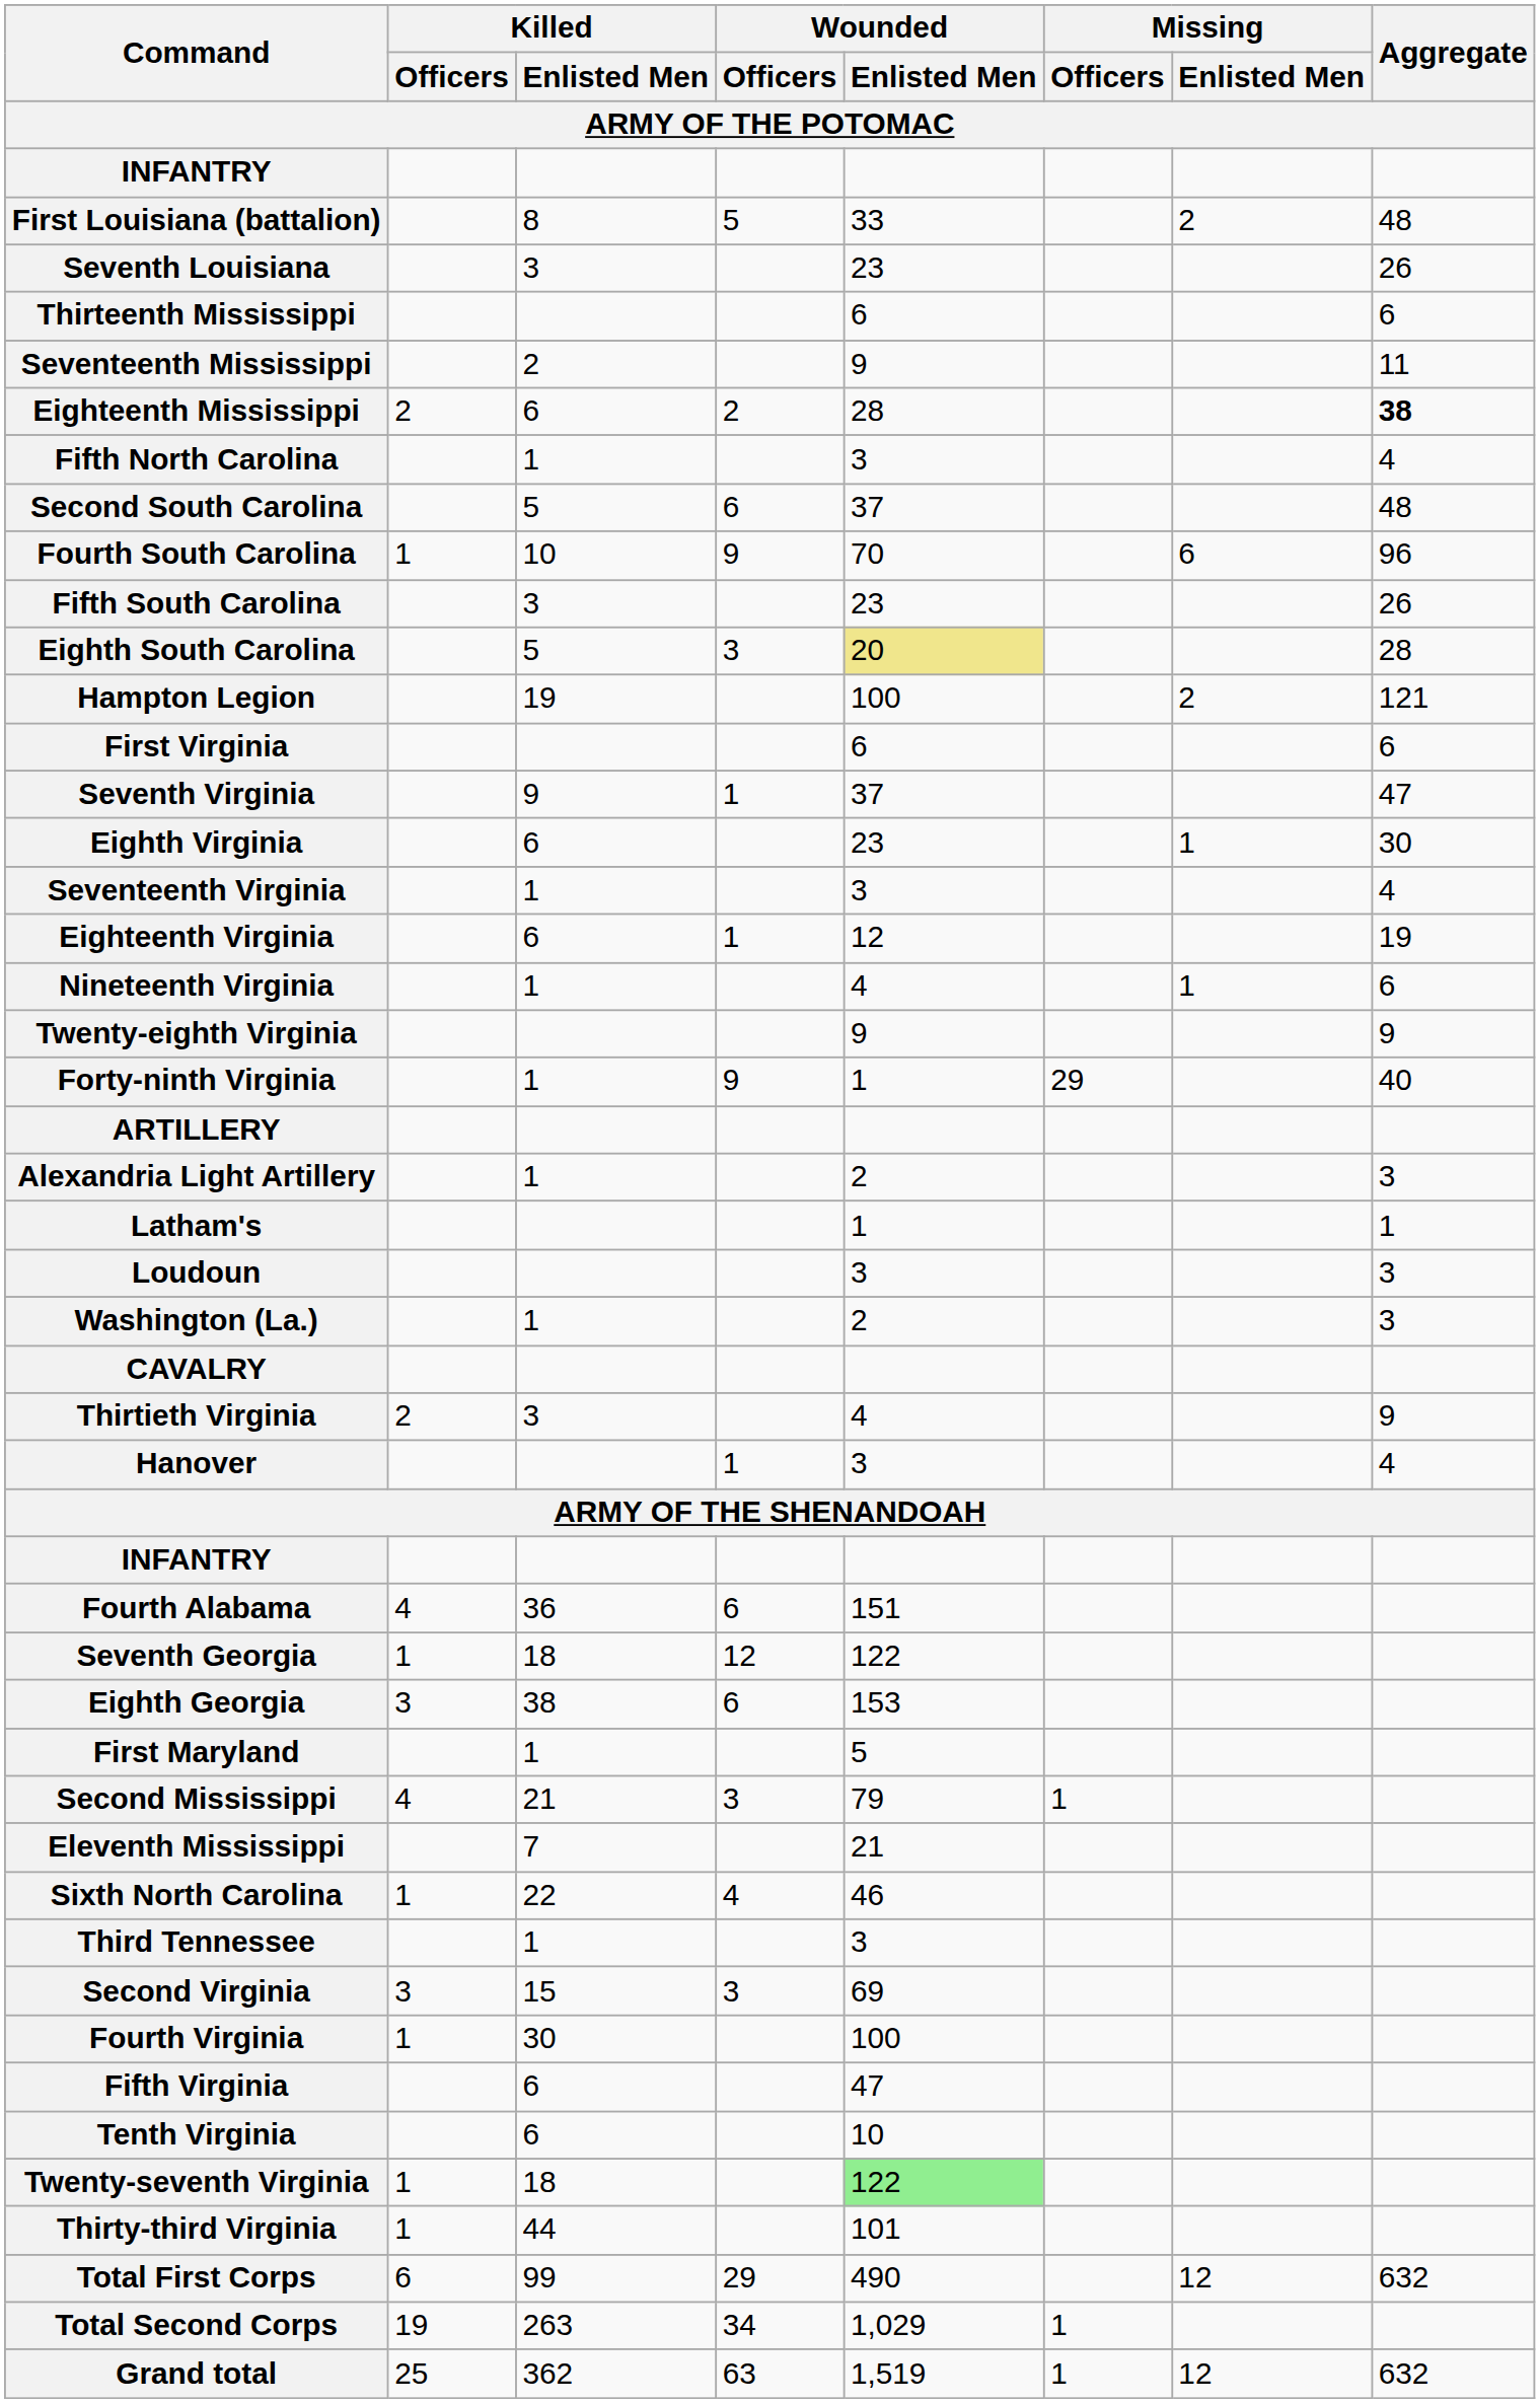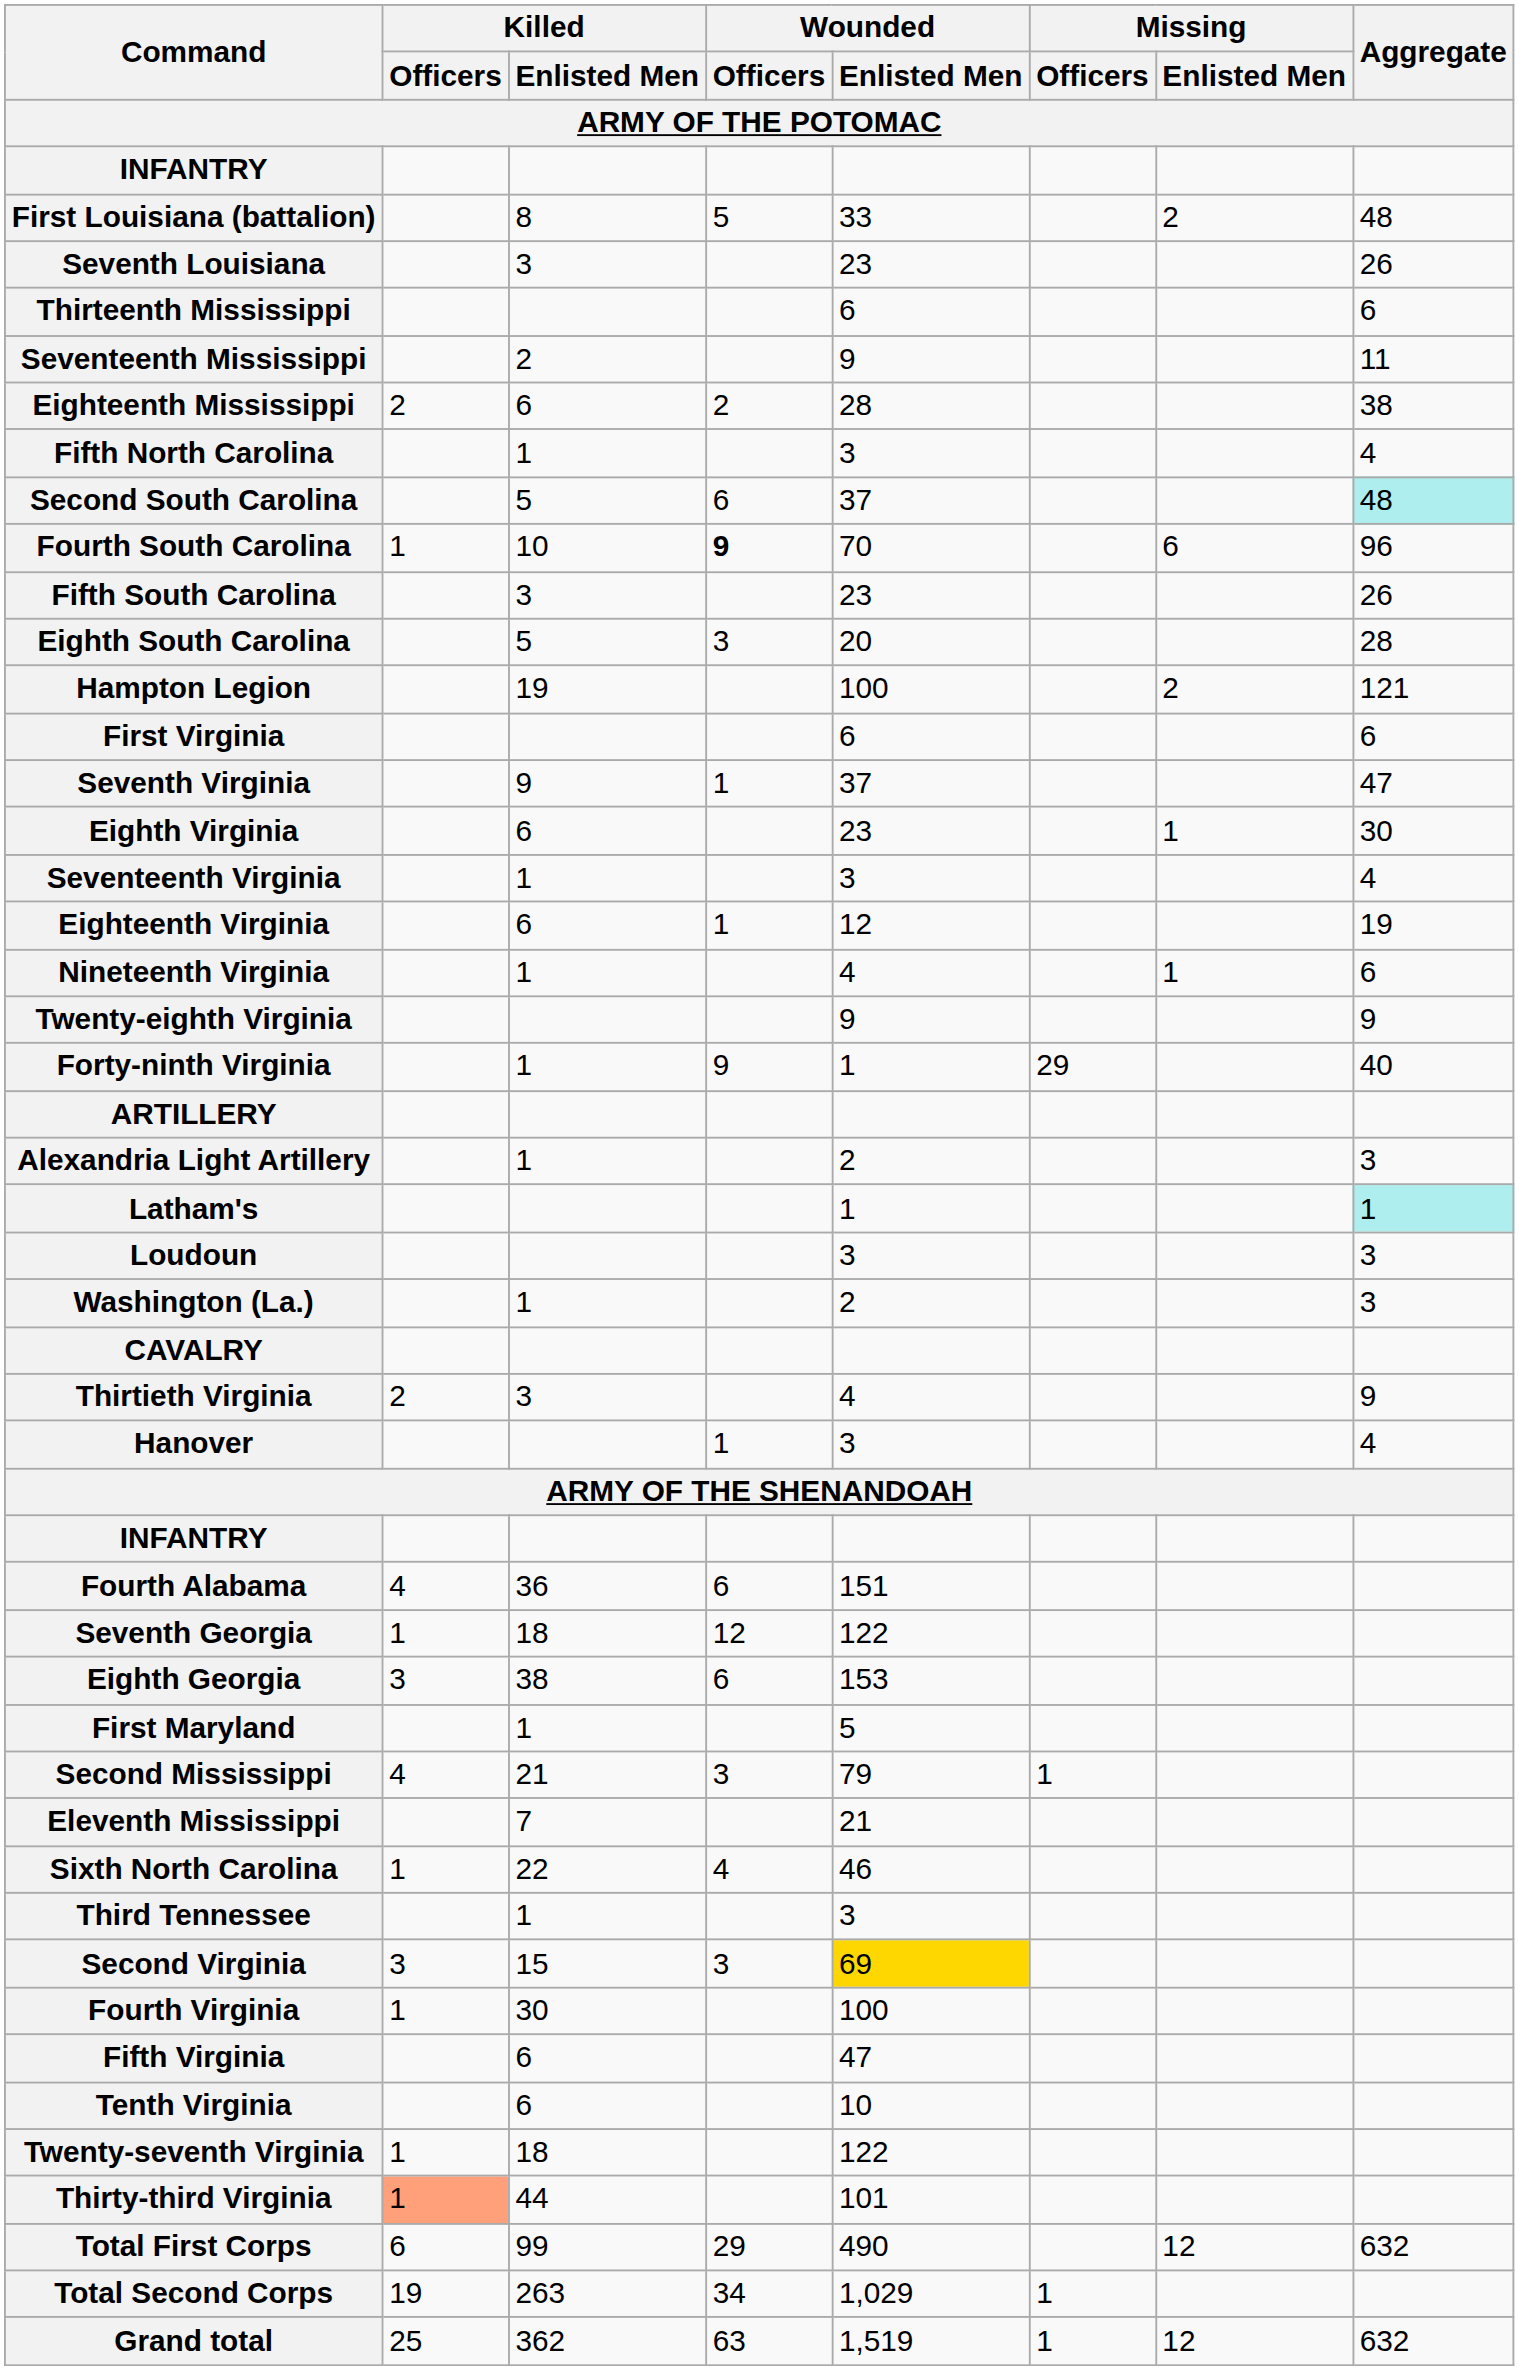 <table class="wikitable plainrowheaders">
 <tr>
 <th scope=col rowspan=2>Command</th>
 <th scope=col colspan=2>Killed</th>
 <th scope=col colspan=2>Wounded</th>
 <th scope=col colspan=2>Missing</th>
 <th scope=col rowspan=2>Aggregate</th>
 </tr>
 <tr>
 <th scope=col>Officers</th>
 <th scope=col>Enlisted Men</th>
 <th scope=col>Officers</th>
 <th scope=col>Enlisted Men</th>
 <th scope=col>Officers</th>
 <th scope=col>Enlisted Men</th>
 </tr>
 <tr>
 <th scope=col colspan=8><u>ARMY OF THE POTOMAC</u></th>
 </tr>
 <tr>
 <th>INFANTRY</th>
 <td></td>
 <td></td>
 <td></td>
 <td></td>
 <td></td>
 <td></td>
 <td></td>
 </tr>
 <tr>
 <th scope=row>First Louisiana (battalion)</th>
 <td></td>
 <td>8</td>
 <td>5</td>
 <td>33</td>
 <td></td>
 <td>2</td>
 <td>48</td>
 </tr>
 <tr>
 <th scope=row>Seventh Louisiana</th>
 <td></td>
 <td>3</td>
 <td></td>
 <td>23</td>
 <td></td>
 <td></td>
 <td>26</td>
 </tr>
 <tr>
 <th scope=row>Thirteenth Mississippi</th>
 <td></td>
 <td></td>
 <td></td>
 <td>6</td>
 <td></td>
 <td></td>
 <td>6</td>
 </tr>
 <tr>
 <th scope=row>Seventeenth Mississippi</th>
 <td></td>
 <td>2</td>
 <td></td>
 <td>9</td>
 <td></td>
 <td></td>
 <td>11</td>
 </tr>
 <tr>
 <th scope=row>Eighteenth Mississippi</th>
 <td>2</td>
 <td>6</td>
 <td>2</td>
 <td>28</td>
 <td></td>
 <td></td>
-<td><strong>38</strong></td>
+<td>38</td>
 </tr>
 <tr>
 <th scope=row>Fifth North Carolina</th>
 <td></td>
 <td>1</td>
 <td></td>
 <td>3</td>
 <td></td>
 <td></td>
 <td>4</td>
 </tr>
 <tr>
 <th scope=row>Second South Carolina</th>
 <td></td>
 <td>5</td>
 <td>6</td>
 <td>37</td>
 <td></td>
 <td></td>
-<td>48</td>
+<td style="background: paleturquoise;">48</td>
 </tr>
 <tr>
 <th scope=row>Fourth South Carolina</th>
 <td>1</td>
 <td>10</td>
-<td>9</td>
+<td><strong>9</strong></td>
 <td>70</td>
 <td></td>
 <td>6</td>
 <td>96</td>
 </tr>
 <tr>
 <th scope=row>Fifth South Carolina</th>
 <td></td>
 <td>3</td>
 <td></td>
 <td>23</td>
 <td></td>
 <td></td>
 <td>26</td>
 </tr>
 <tr>
 <th scope=row>Eighth South Carolina</th>
 <td></td>
 <td>5</td>
 <td>3</td>
-<td style="background: khaki;">20</td>
+<td>20</td>
 <td></td>
 <td></td>
 <td>28</td>
 </tr>
 <tr>
 <th scope=row>Hampton Legion</th>
 <td></td>
 <td>19</td>
 <td></td>
 <td>100</td>
 <td></td>
 <td>2</td>
 <td>121</td>
 </tr>
 <tr>
 <th scope=row>First Virginia</th>
 <td></td>
 <td></td>
 <td></td>
 <td>6</td>
 <td></td>
 <td></td>
 <td>6</td>
 </tr>
 <tr>
 <th scope=row>Seventh Virginia</th>
 <td></td>
 <td>9</td>
 <td>1</td>
 <td>37</td>
 <td></td>
 <td></td>
 <td>47</td>
 </tr>
 <tr>
 <th scope=row>Eighth Virginia</th>
 <td></td>
 <td>6</td>
 <td></td>
 <td>23</td>
 <td></td>
 <td>1</td>
 <td>30</td>
 </tr>
 <tr>
 <th scope=row>Seventeenth Virginia</th>
 <td></td>
 <td>1</td>
 <td></td>
 <td>3</td>
 <td></td>
 <td></td>
 <td>4</td>
 </tr>
 <tr>
 <th scope=row>Eighteenth Virginia</th>
 <td></td>
 <td>6</td>
 <td>1</td>
 <td>12</td>
 <td></td>
 <td></td>
 <td>19</td>
 </tr>
 <tr>
 <th scope=row>Nineteenth Virginia</th>
 <td></td>
 <td>1</td>
 <td></td>
 <td>4</td>
 <td></td>
 <td>1</td>
 <td>6</td>
 </tr>
 <tr>
 <th scope=row>Twenty-eighth Virginia</th>
 <td></td>
 <td></td>
 <td></td>
 <td>9</td>
 <td></td>
 <td></td>
 <td>9</td>
 </tr>
 <tr>
 <th scope=row>Forty-ninth Virginia</th>
 <td></td>
 <td>1</td>
 <td>9</td>
 <td>1</td>
 <td>29</td>
 <td></td>
 <td>40</td>
 </tr>
 <tr>
 <th>ARTILLERY</th>
 <td></td>
 <td></td>
 <td></td>
 <td></td>
 <td></td>
 <td></td>
 <td></td>
 </tr>
 <tr>
 <th scope=row>Alexandria Light Artillery</th>
 <td></td>
 <td>1</td>
 <td></td>
 <td>2</td>
 <td></td>
 <td></td>
 <td>3</td>
 </tr>
 <tr>
 <th scope=row>Latham's</th>
 <td></td>
 <td></td>
 <td></td>
 <td>1</td>
 <td></td>
 <td></td>
-<td>1</td>
+<td style="background: paleturquoise;">1</td>
 </tr>
 <tr>
 <th scope=row>Loudoun</th>
 <td></td>
 <td></td>
 <td></td>
 <td>3</td>
 <td></td>
 <td></td>
 <td>3</td>
 </tr>
 <tr>
 <th scope=row>Washington (La.)</th>
 <td></td>
 <td>1</td>
 <td></td>
 <td>2</td>
 <td></td>
 <td></td>
 <td>3</td>
 </tr>
 <tr>
 <th>CAVALRY</th>
 <td></td>
 <td></td>
 <td></td>
 <td></td>
 <td></td>
 <td></td>
 <td></td>
 </tr>
 <tr>
 <th scope=row>Thirtieth Virginia</th>
 <td>2</td>
 <td>3</td>
 <td></td>
 <td>4</td>
 <td></td>
 <td></td>
 <td>9</td>
 </tr>
 <tr>
 <th scope=row>Hanover</th>
 <td></td>
 <td></td>
 <td>1</td>
 <td>3</td>
 <td></td>
 <td></td>
 <td>4</td>
 </tr>
 <tr>
 <th scope=col colspan=8><u>ARMY OF THE SHENANDOAH</u></th>
 </tr>
 <tr>
 <th>INFANTRY</th>
 <td></td>
 <td></td>
 <td></td>
 <td></td>
 <td></td>
 <td></td>
 <td></td>
 </tr>
 <tr>
 <th scope=row>Fourth Alabama</th>
 <td>4</td>
 <td>36</td>
 <td>6</td>
 <td>151</td>
 <td></td>
 <td></td>
 <td></td>
 </tr>
 <tr>
 <th scope=row>Seventh Georgia</th>
 <td>1</td>
 <td>18</td>
 <td>12</td>
 <td>122</td>
 <td></td>
 <td></td>
 <td></td>
 </tr>
 <tr>
 <th scope=row>Eighth Georgia</th>
 <td>3</td>
 <td>38</td>
 <td>6</td>
 <td>153</td>
 <td></td>
 <td></td>
 <td></td>
 </tr>
 <tr>
 <th scope=row>First Maryland</th>
 <td></td>
 <td>1</td>
 <td></td>
 <td>5</td>
 <td></td>
 <td></td>
 <td></td>
 </tr>
 <tr>
 <th scope=row>Second Mississippi</th>
 <td>4</td>
 <td>21</td>
 <td>3</td>
 <td>79</td>
 <td>1</td>
 <td></td>
 <td></td>
 </tr>
 <tr>
 <th scope=row>Eleventh Mississippi</th>
 <td></td>
 <td>7</td>
 <td></td>
 <td>21</td>
 <td></td>
 <td></td>
 <td></td>
 </tr>
 <tr>
 <th scope=row>Sixth North Carolina</th>
 <td>1</td>
 <td>22</td>
 <td>4</td>
 <td>46</td>
 <td></td>
 <td></td>
 <td></td>
 </tr>
 <tr>
 <th scope=row>Third Tennessee</th>
 <td></td>
 <td>1</td>
 <td></td>
 <td>3</td>
 <td></td>
 <td></td>
 <td></td>
 </tr>
 <tr>
 <th scope=row>Second Virginia</th>
 <td>3</td>
 <td>15</td>
 <td>3</td>
-<td>69</td>
+<td style="background: gold;">69</td>
 <td></td>
 <td></td>
 <td></td>
 </tr>
 <tr>
 <th scope=row>Fourth Virginia</th>
 <td>1</td>
 <td>30</td>
 <td></td>
 <td>100</td>
 <td></td>
 <td></td>
 <td></td>
 </tr>
 <tr>
 <th scope=row>Fifth Virginia</th>
 <td></td>
 <td>6</td>
 <td></td>
 <td>47</td>
 <td></td>
 <td></td>
 <td></td>
 </tr>
 <tr>
 <th scope=row>Tenth Virginia</th>
 <td></td>
 <td>6</td>
 <td></td>
 <td>10</td>
 <td></td>
 <td></td>
 <td></td>
 </tr>
 <tr>
 <th scope=row>Twenty-seventh Virginia</th>
 <td>1</td>
 <td>18</td>
 <td></td>
-<td style="background: lightgreen;">122</td>
+<td>122</td>
 <td></td>
 <td></td>
 <td></td>
 </tr>
 <tr>
 <th scope=row>Thirty-third Virginia</th>
-<td>1</td>
+<td style="background: lightsalmon;">1</td>
 <td>44</td>
 <td></td>
 <td>101</td>
 <td></td>
 <td></td>
 <td></td>
 </tr>
 <tr>
 <th scope=row>Total First Corps</th>
 <td>6</td>
 <td>99</td>
 <td>29</td>
 <td>490</td>
 <td></td>
 <td>12</td>
 <td>632</td>
 </tr>
 <tr>
 <th>Total Second Corps</th>
 <td>19</td>
 <td>263</td>
 <td>34</td>
 <td>1,029</td>
 <td>1</td>
 <td></td>
 <td></td>
 </tr>
 <tr>
 <th>Grand total</th>
 <td>25</td>
 <td>362</td>
 <td>63</td>
 <td>1,519</td>
 <td>1</td>
 <td>12</td>
 <td>632</td>
 </tr>
 </table>
